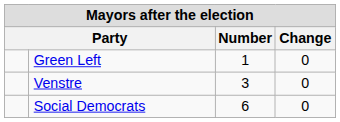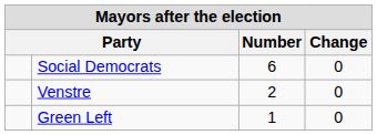 <table class="wikitable" style="">
 <tr>
 <td colspan="4" style="background:#dddddd; text-align:center;"><strong>Mayors after the election</strong></td>
 </tr>
 <tr>
 <th colspan="2">Party</th>
 <th style="width:60px;">Number</th>
 <th style="width:60px;">Change</th>
 </tr>
 <tr>
+<td style="background:"></td>
+<td style="padding-left:5px;"><a href='#'>Social Democrats</a></td>
+<td style="text-align:center;">6</td>
+<td style="text-align:center;"> 0</td>
+</tr>
+<tr>
+<td style="width:20px; background:"></td>
+<td style="width:200px; padding-left:5px;"><a href='#'>Venstre</a></td>
+<td style="text-align:center;">2</td>
+<td style="text-align:center;"> 0</td>
+</tr>
+<tr>
 <td style="width:20px; background:"></td>
 <td style="width:200px; padding-left:5px;"><a href='#'>Green Left</a></td>
 <td style="text-align:center;">1</td>
 <td style="text-align:center;"> 0</td>
 </tr>
-<tr>
-<td style="width:20px; background:"></td>
-<td style="width:200px; padding-left:5px;"><a href='#'>Venstre</a></td>
-<td style="text-align:center;">3</td>
-<td style="text-align:center;"> 0</td>
-</tr>
-<tr>
-<td style="background:"></td>
-<td style="padding-left:5px;"><a href='#'>Social Democrats</a></td>
-<td style="text-align:center;">6</td>
-<td style="text-align:center;"> 0</td>
-</tr>
 </table>
